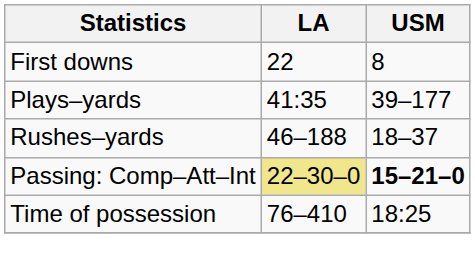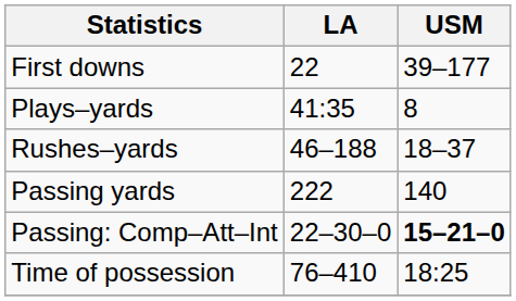 <table class="wikitable" style="float: left;">
 <tr>
 <th>Statistics</th>
 <th>LA</th>
 <th>USM</th>
 </tr>
 <tr>
 <td>First downs</td>
 <td>22</td>
-<td>8</td>
+<td>39–177</td>
 </tr>
 <tr>
 <td>Plays–yards</td>
 <td>41:35</td>
-<td>39–177</td>
+<td>8</td>
 </tr>
 <tr>
 <td>Rushes–yards</td>
 <td>46–188</td>
 <td>18–37</td>
 </tr>
 <tr>
+<td>Passing yards</td>
+<td>222</td>
+<td>140</td>
+</tr>
+<tr>
 <td>Passing: Comp–Att–Int</td>
-<td style="background: khaki;">22–30–0</td>
+<td>22–30–0</td>
 <td><strong>15–21–0</strong></td>
 </tr>
 <tr>
 <td>Time of possession</td>
 <td>76–410</td>
 <td>18:25</td>
 </tr>
 <tr>
 </tr>
 </table>
